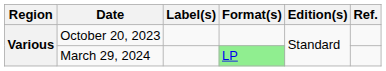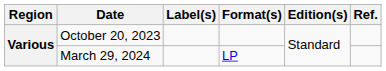 <table class="wikitable plainrowheaders">
 <tr>
 <th scope="col">Region</th>
 <th scope="col">Date</th>
 <th scope="col">Label(s)</th>
 <th scope="col">Format(s)</th>
 <th scope="col">Edition(s)</th>
 <th scope="col">Ref.</th>
 </tr>
 <tr>
 <th scope="row" rowspan="2">Various</th>
 <td>October 20, 2023</td>
 <td></td>
 <td></td>
 <td rowspan="2">Standard</td>
 <td style="text-align: center"></td>
 </tr>
 <tr>
 <td>March 29, 2024</td>
 <td></td>
-<td style="background: lightgreen;"><a href='#'>LP</a></td>
+<td><a href='#'>LP</a></td>
 <td style="text-align: center"></td>
 </tr>
 </table>
